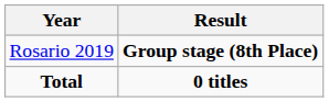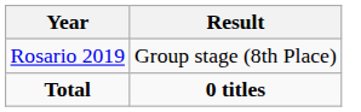 <table class="wikitable" style="text-align: center;">
 <tr>
 <th>Year</th>
 <th>Result</th>
 </tr>
 <tr>
 <td style="text-align:left;"> <a href='#'>Rosario 2019</a></td>
-<td><strong>Group stage (8th Place)</strong></td>
+<td>Group stage (8th Place)</td>
 </tr>
 <tr>
 <td><strong>Total</strong></td>
 <td><strong>0 titles</strong></td>
 </tr>
 </table>
